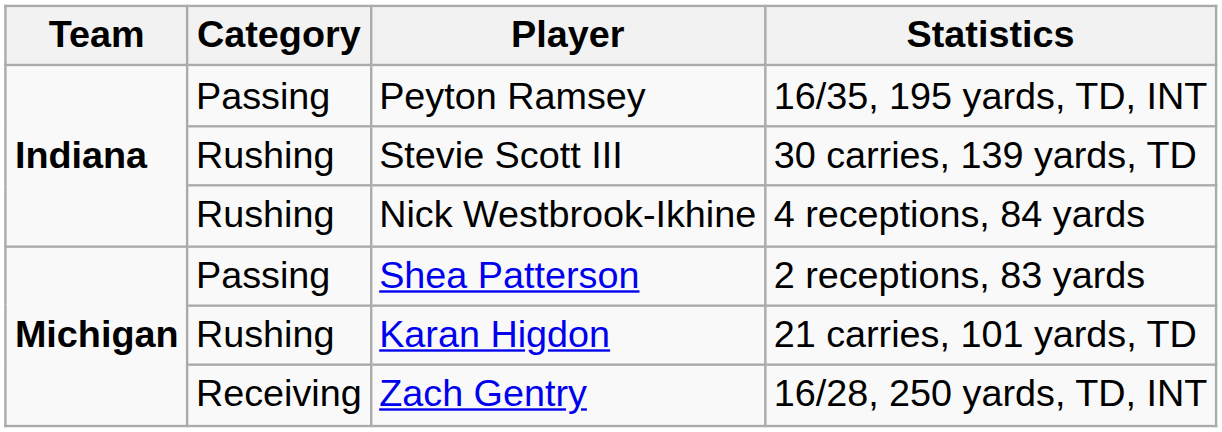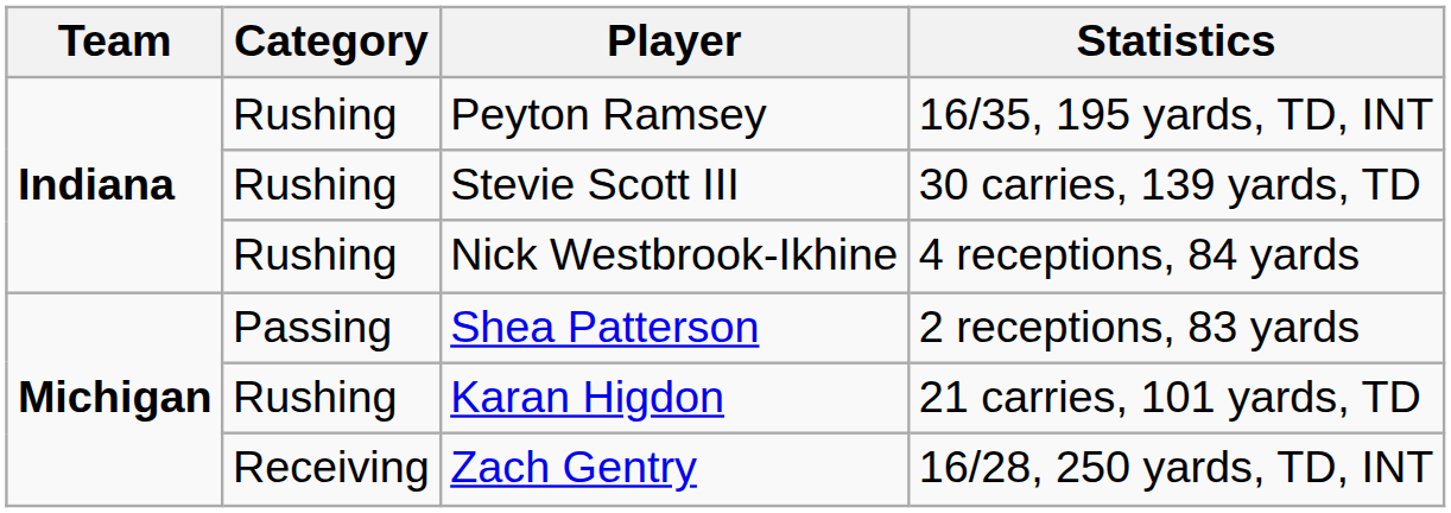 <table class="wikitable" style="float: right;">
 <tr>
 <th>Team</th>
 <th>Category</th>
 <th>Player</th>
 <th>Statistics</th>
 </tr>
 <tr>
 <td rowspan=3><strong>Indiana</strong></td>
-<td>Passing</td>
+<td>Rushing</td>
 <td>Peyton Ramsey</td>
 <td>16/35, 195 yards, TD, INT</td>
 </tr>
 <tr>
 <td>Rushing</td>
 <td>Stevie Scott III</td>
 <td>30 carries, 139 yards, TD</td>
 </tr>
 <tr>
 <td>Rushing</td>
 <td>Nick Westbrook-Ikhine</td>
 <td>4 receptions, 84 yards</td>
 </tr>
 <tr>
 <td rowspan=3><strong>Michigan</strong></td>
 <td>Passing</td>
 <td><a href='#'>Shea Patterson</a></td>
 <td>2 receptions, 83 yards</td>
 </tr>
 <tr>
 <td>Rushing</td>
 <td><a href='#'>Karan Higdon</a></td>
 <td>21 carries, 101 yards, TD</td>
 </tr>
 <tr>
 <td>Receiving</td>
 <td><a href='#'>Zach Gentry</a></td>
 <td>16/28, 250 yards, TD, INT</td>
 </tr>
 </table>
